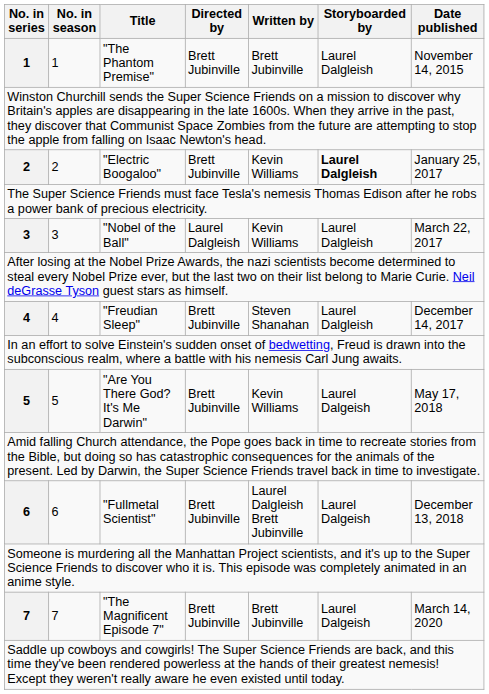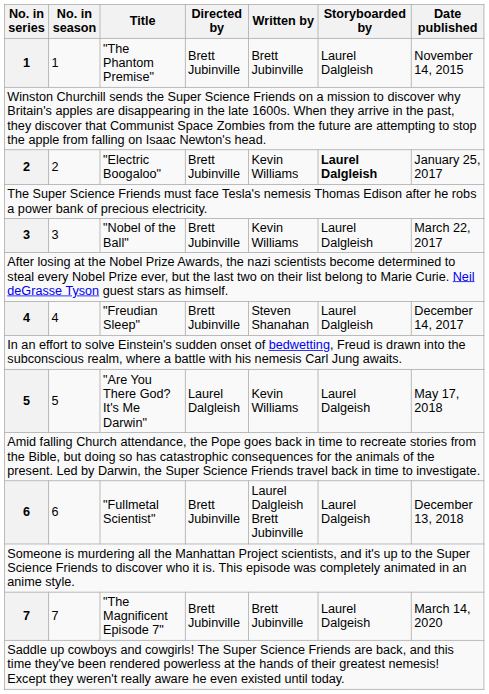 <table class="wikitable">
 <tr>
 <th>No. in<br>series</th>
 <th>No. in<br>season</th>
 <th>Title</th>
 <th>Directed by</th>
 <th>Written by</th>
 <th>Storyboarded by</th>
 <th>Date published</th>
 </tr>
 <tr>
 <th>1</th>
 <td>1</td>
 <td>"The Phantom Premise"</td>
 <td>Brett Jubinville</td>
 <td>Brett Jubinville</td>
 <td>Laurel Dalgleish</td>
 <td>November 14, 2015</td>
 </tr>
 <tr>
 <td colspan="7">Winston Churchill sends the Super Science Friends on a mission to discover why Britain's apples are disappearing in the late 1600s. When they arrive in the past, they discover that Communist Space Zombies from the future are attempting to stop the apple from falling on Isaac Newton's head.</td>
 </tr>
 <tr>
 <th>2</th>
 <td>2</td>
 <td>"Electric Boogaloo"</td>
 <td>Brett Jubinville</td>
 <td>Kevin Williams</td>
 <td><strong>Laurel Dalgleish</strong></td>
 <td>January 25, 2017</td>
 </tr>
 <tr>
 <td colspan="7">The Super Science Friends must face Tesla's nemesis Thomas Edison after he robs a power bank of precious electricity.</td>
 </tr>
 <tr>
 <th>3</th>
 <td>3</td>
 <td>"Nobel of the Ball"</td>
-<td>Laurel Dalgleish</td>
+<td>Brett Jubinville</td>
 <td>Kevin Williams</td>
 <td>Laurel Dalgleish</td>
 <td>March 22, 2017</td>
 </tr>
 <tr>
 <td colspan="7">After losing at the Nobel Prize Awards, the nazi scientists become determined to steal every Nobel Prize ever, but the last two on their list belong to Marie Curie. <a href='#'>Neil deGrasse Tyson</a> guest stars as himself.</td>
 </tr>
 <tr>
 <th><strong>4</strong></th>
 <td>4</td>
 <td>"Freudian Sleep"</td>
 <td>Brett Jubinville</td>
 <td>Steven Shanahan</td>
 <td>Laurel Dalgleish</td>
 <td>December 14, 2017</td>
 </tr>
 <tr>
 <td colspan="7">In an effort to solve Einstein's sudden onset of <a href='#'>bedwetting</a>, Freud is drawn into the subconscious realm, where a battle with his nemesis Carl Jung awaits.</td>
 </tr>
 <tr>
 <th><strong>5</strong></th>
 <td>5</td>
 <td>"Are You There God? It's Me Darwin"</td>
-<td>Brett Jubinville</td>
+<td>Laurel Dalgleish</td>
 <td>Kevin Williams</td>
 <td>Laurel Dalgeish</td>
 <td>May 17, 2018</td>
 </tr>
 <tr>
 <td colspan="7">Amid falling Church attendance, the Pope goes back in time to recreate stories from the Bible, but doing so has catastrophic consequences for the animals of the present. Led by Darwin, the Super Science Friends travel back in time to investigate.</td>
 </tr>
 <tr>
 <th>6</th>
 <td>6</td>
 <td>"Fullmetal Scientist"</td>
 <td>Brett Jubinville</td>
 <td>Laurel Dalgleish<br>Brett Jubinville</td>
 <td>Laurel Dalgeish</td>
 <td>December 13, 2018</td>
 </tr>
 <tr>
 <td colspan="7">Someone is murdering all the Manhattan Project scientists, and it's up to the Super Science Friends to discover who it is. This episode was completely animated in an anime style.</td>
 </tr>
 <tr>
 <th>7</th>
 <td>7</td>
 <td>"The Magnificent Episode 7"</td>
 <td>Brett Jubinville</td>
 <td>Brett Jubinville<br></td>
 <td>Laurel Dalgeish</td>
 <td>March 14, 2020</td>
 </tr>
 <tr>
 <td colspan="7">Saddle up cowboys and cowgirls! The Super Science Friends are back, and this time they've been rendered powerless at the hands of their greatest nemesis! Except they weren't really aware he even existed until today.</td>
 </tr>
 </table>
